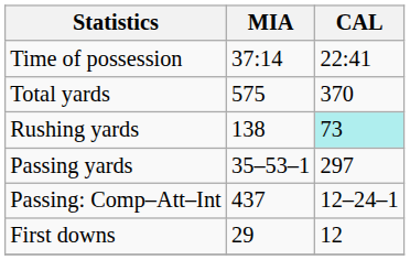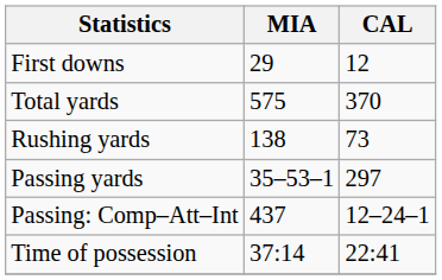 <table class="wikitable" style="float: left;">
 <tr>
 <th>Statistics</th>
 <th>MIA</th>
 <th>CAL</th>
 </tr>
 <tr>
-<td>Time of possession</td>
-<td>37:14</td>
-<td>22:41</td>
+<td>First downs</td>
+<td>29</td>
+<td>12</td>
 </tr>
 <tr>
 <td>Total yards</td>
 <td>575</td>
 <td>370</td>
 </tr>
 <tr>
 <td>Rushing yards</td>
 <td>138</td>
-<td style="background: paleturquoise;">73</td>
+<td>73</td>
 </tr>
 <tr>
 <td>Passing yards</td>
 <td>35–53–1</td>
 <td>297</td>
 </tr>
 <tr>
 <td>Passing: Comp–Att–Int</td>
 <td>437</td>
 <td>12–24–1</td>
 </tr>
 <tr>
-<td>First downs</td>
-<td>29</td>
-<td>12</td>
+<td>Time of possession</td>
+<td>37:14</td>
+<td>22:41</td>
 </tr>
 <tr>
 </tr>
 </table>
